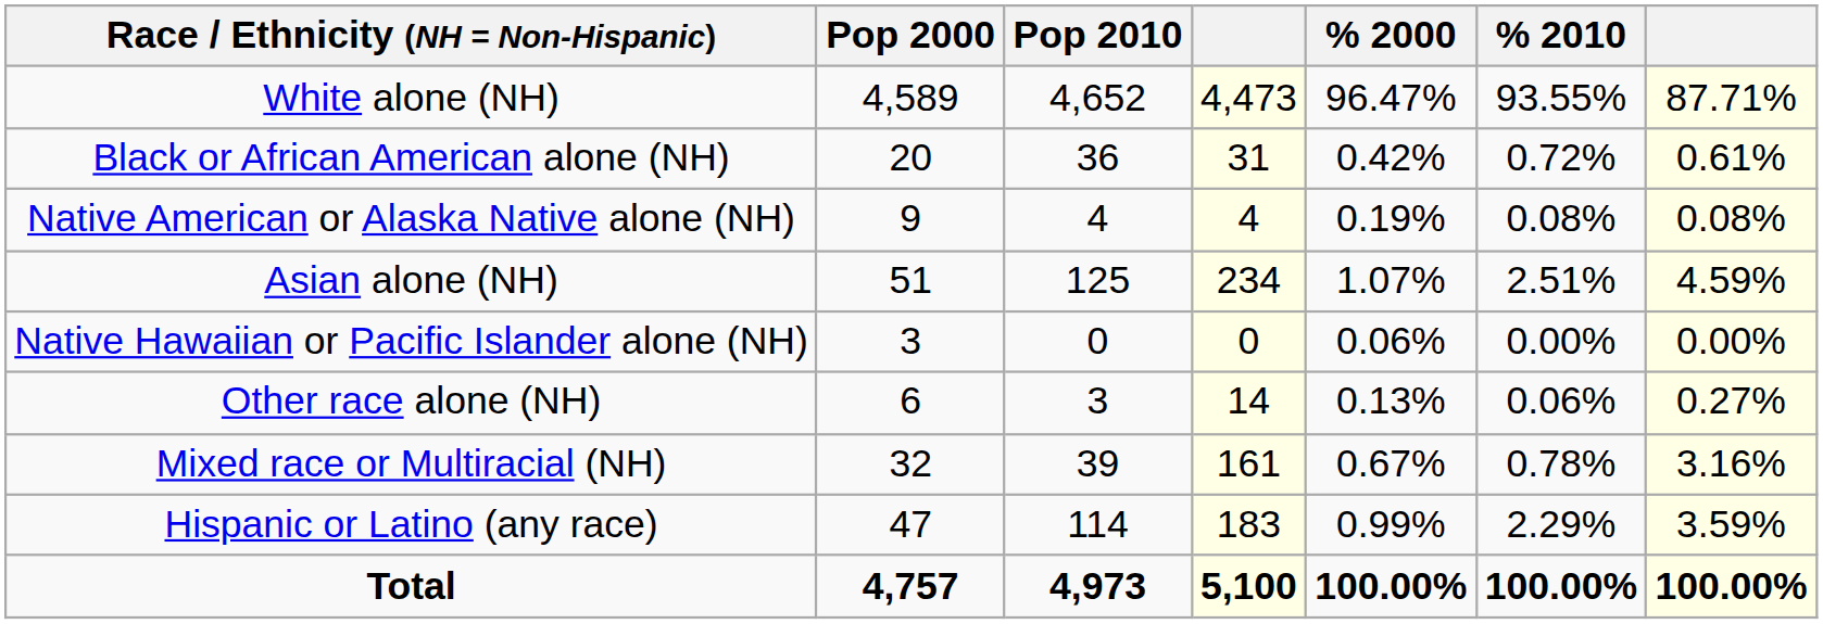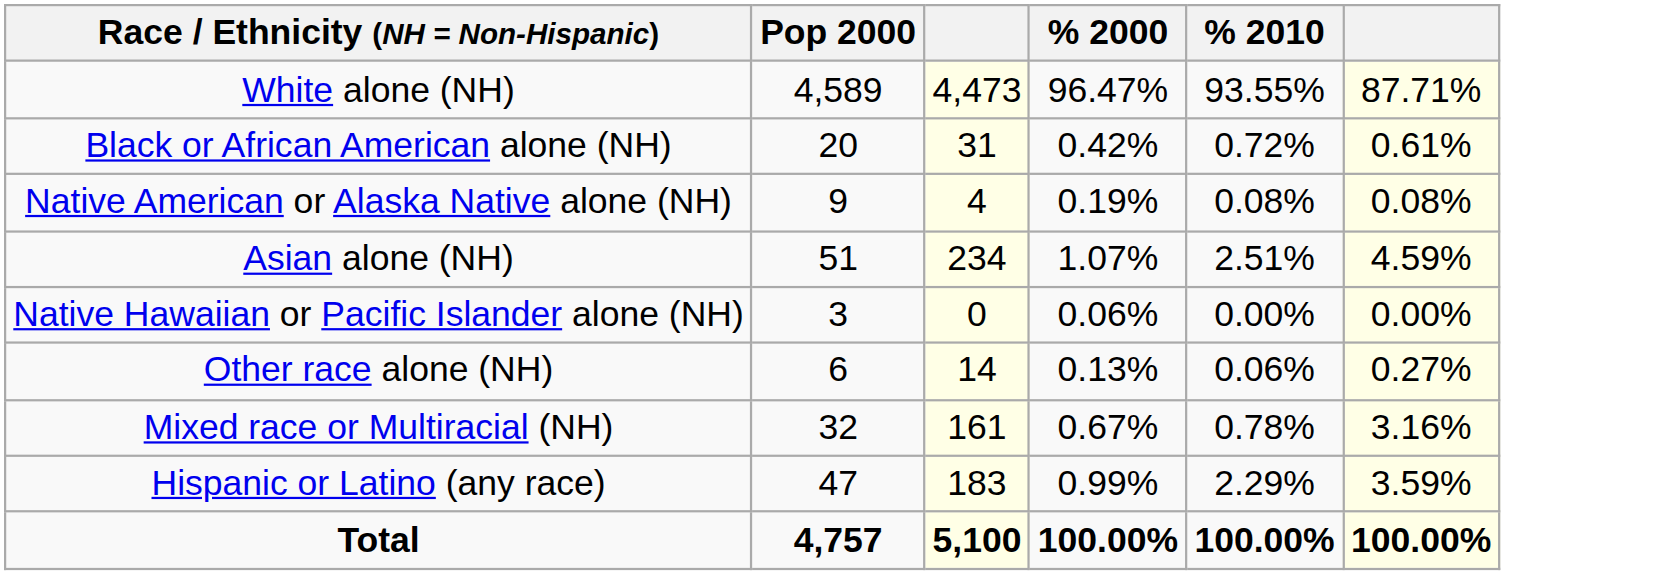 <table class="wikitable" style="text-align:center;">
 <tr>
 <th>Race / Ethnicity <small>(<em>NH = Non-Hispanic</em>)</small></th>
 <th>Pop 2000</th>
-<th>Pop 2010</th>
 <th></th>
 <th>% 2000</th>
 <th>% 2010</th>
 <th></th>
 </tr>
 <tr>
 <td><a href='#'>White</a> alone (NH)</td>
 <td>4,589</td>
-<td>4,652</td>
 <td style='background: #ffffe6;'>4,473</td>
 <td>96.47%</td>
 <td>93.55%</td>
 <td style='background: #ffffe6;'>87.71%</td>
 </tr>
 <tr>
 <td><a href='#'>Black or African American</a> alone (NH)</td>
 <td>20</td>
-<td>36</td>
 <td style='background: #ffffe6;'>31</td>
 <td>0.42%</td>
 <td>0.72%</td>
 <td style='background: #ffffe6;'>0.61%</td>
 </tr>
 <tr>
 <td><a href='#'>Native American</a> or <a href='#'>Alaska Native</a> alone (NH)</td>
 <td>9</td>
-<td>4</td>
 <td style='background: #ffffe6;'>4</td>
 <td>0.19%</td>
 <td>0.08%</td>
 <td style='background: #ffffe6;'>0.08%</td>
 </tr>
 <tr>
 <td><a href='#'>Asian</a> alone (NH)</td>
 <td>51</td>
-<td>125</td>
 <td style='background: #ffffe6;'>234</td>
 <td>1.07%</td>
 <td>2.51%</td>
 <td style='background: #ffffe6;'>4.59%</td>
 </tr>
 <tr>
 <td><a href='#'>Native Hawaiian</a> or <a href='#'>Pacific Islander</a> alone (NH)</td>
 <td>3</td>
-<td>0</td>
 <td style='background: #ffffe6;'>0</td>
 <td>0.06%</td>
 <td>0.00%</td>
 <td style='background: #ffffe6;'>0.00%</td>
 </tr>
 <tr>
 <td><a href='#'>Other race</a> alone (NH)</td>
 <td>6</td>
-<td>3</td>
 <td style='background: #ffffe6;'>14</td>
 <td>0.13%</td>
 <td>0.06%</td>
 <td style='background: #ffffe6;'>0.27%</td>
 </tr>
 <tr>
 <td><a href='#'>Mixed race or Multiracial</a> (NH)</td>
 <td>32</td>
-<td>39</td>
 <td style='background: #ffffe6;'>161</td>
 <td>0.67%</td>
 <td>0.78%</td>
 <td style='background: #ffffe6;'>3.16%</td>
 </tr>
 <tr>
 <td><a href='#'>Hispanic or Latino</a> (any race)</td>
 <td>47</td>
-<td>114</td>
 <td style='background: #ffffe6;'>183</td>
 <td>0.99%</td>
 <td>2.29%</td>
 <td style='background: #ffffe6;'>3.59%</td>
 </tr>
 <tr>
 <td><strong>Total</strong></td>
 <td><strong>4,757</strong></td>
-<td><strong>4,973</strong></td>
 <td style='background: #ffffe6;'><strong>5,100</strong></td>
 <td><strong>100.00%</strong></td>
 <td><strong>100.00%</strong></td>
 <td style='background: #ffffe6;'><strong>100.00%</strong></td>
 </tr>
 </table>
